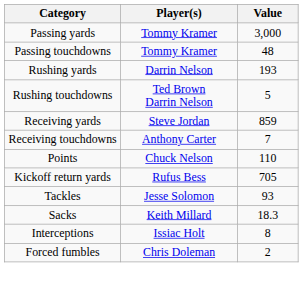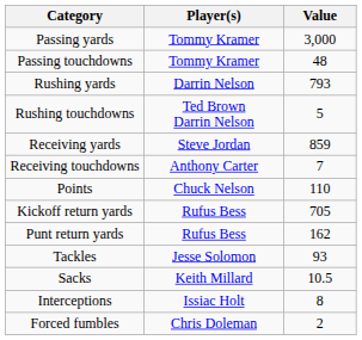 <table class="wikitable" style="text-align:center">
 <tr>
 <th width=150px>Category</th>
 <th width=150px>Player(s)</th>
 <th width=75px>Value</th>
 </tr>
 <tr>
 <td>Passing yards</td>
 <td><a href='#'>Tommy Kramer</a></td>
 <td>3,000</td>
 </tr>
 <tr>
 <td>Passing touchdowns</td>
 <td><a href='#'>Tommy Kramer</a></td>
 <td>48</td>
 </tr>
 <tr>
 <td>Rushing yards</td>
 <td><a href='#'>Darrin Nelson</a></td>
-<td>193</td>
+<td>793</td>
 </tr>
 <tr>
 <td>Rushing touchdowns</td>
 <td><a href='#'>Ted Brown</a> <br> <a href='#'>Darrin Nelson</a></td>
 <td>5</td>
 </tr>
 <tr>
 <td>Receiving yards</td>
 <td><a href='#'>Steve Jordan</a></td>
 <td>859</td>
 </tr>
 <tr>
 <td>Receiving touchdowns</td>
 <td><a href='#'>Anthony Carter</a></td>
 <td>7</td>
 </tr>
 <tr>
 <td>Points</td>
 <td><a href='#'>Chuck Nelson</a></td>
 <td>110</td>
 </tr>
 <tr>
 <td>Kickoff return yards</td>
 <td><a href='#'>Rufus Bess</a></td>
 <td>705</td>
 </tr>
 <tr>
+<td>Punt return yards</td>
+<td><a href='#'>Rufus Bess</a></td>
+<td>162</td>
+</tr>
+<tr>
 <td>Tackles</td>
 <td><a href='#'>Jesse Solomon</a></td>
 <td>93</td>
 </tr>
 <tr>
 <td>Sacks</td>
 <td><a href='#'>Keith Millard</a></td>
-<td>18.3</td>
+<td>10.5</td>
 </tr>
 <tr>
 <td>Interceptions</td>
 <td><a href='#'>Issiac Holt</a></td>
 <td>8</td>
 </tr>
 <tr>
 <td>Forced fumbles</td>
 <td><a href='#'>Chris Doleman</a></td>
 <td>2</td>
 </tr>
 </table>
